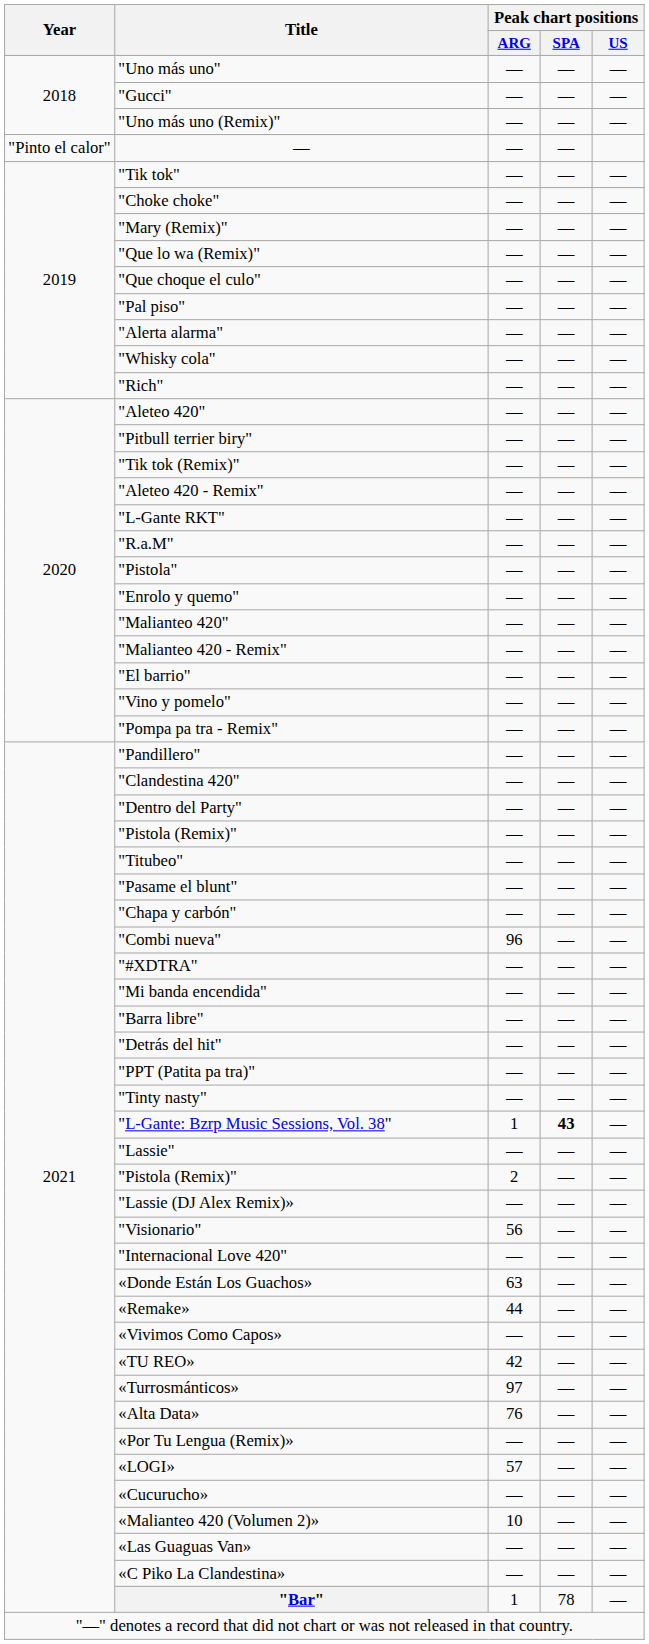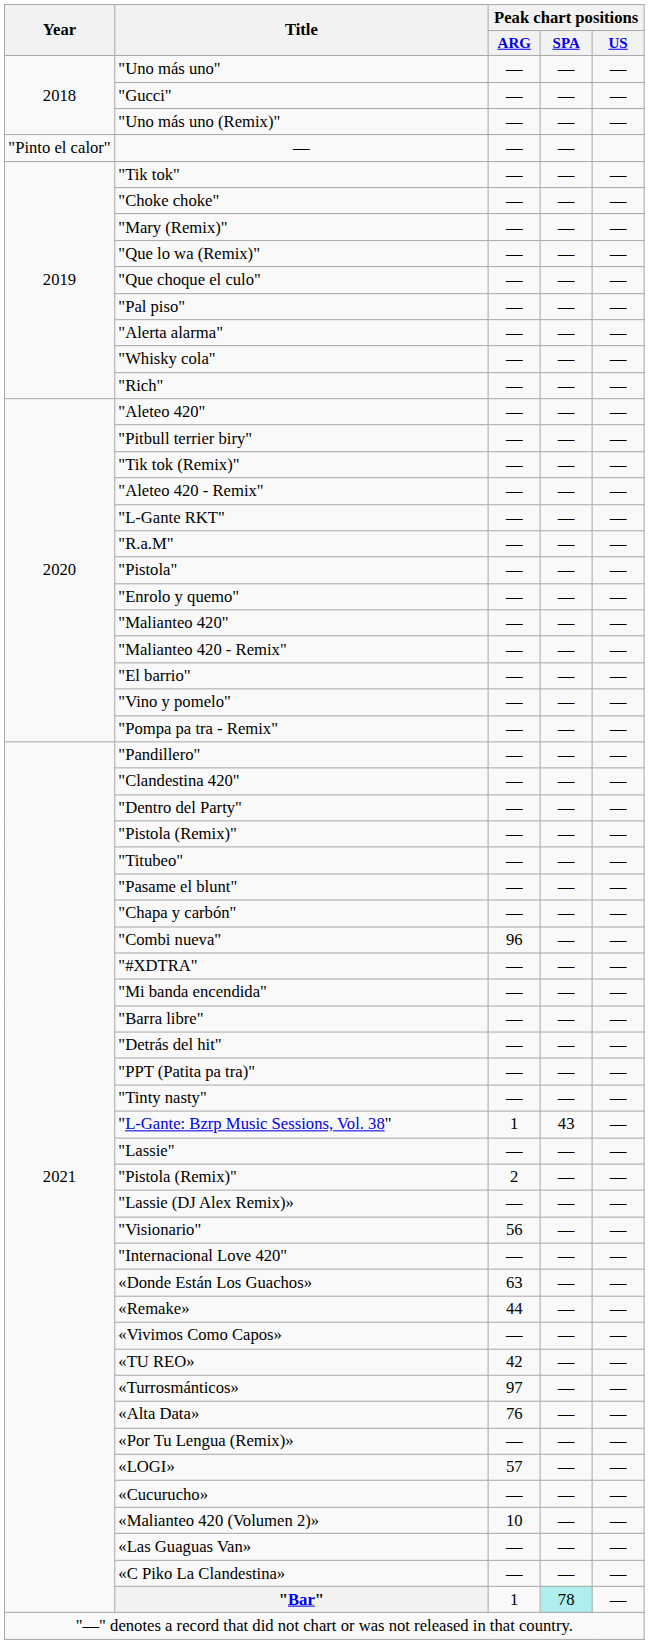 <table class="wikitable plainrowheaders" style="text-align:center;">
 <tr>
 <th scope="col" rowspan="2">Year</th>
 <th scope="col" rowspan="2" style="width:22em;">Title</th>
 <th scope="col" colspan="3">Peak chart positions</th>
 </tr>
 <tr>
 <th scope="col" style="width:3em;font-size:90%;"><a href='#'>ARG</a><br></th>
 <th scope="col" style="width:3em;font-size:90%;"><a href='#'>SPA</a><br></th>
 <th scope="col" style="width:3em;font-size:90%;"><a href='#'>US</a><br></th>
 </tr>
 <tr>
 <td rowspan="4">2018</td>
 <td align="left">"Uno más uno"</td>
 <td>—</td>
 <td>—</td>
 <td>—</td>
 </tr>
 <tr>
 <td align="left">"Gucci"<br></td>
 <td>—</td>
 <td>—</td>
 <td>—</td>
 </tr>
 <tr>
 <td align="left">"Uno más uno (Remix)"<br></td>
 <td>—</td>
 <td>—</td>
 <td>—</td>
 </tr>
 <tr>
 </tr>
 <tr>
 <td align="left">"Pinto el calor"<br></td>
 <td>—</td>
 <td>—</td>
 <td>—</td>
 </tr>
 <tr>
 <td rowspan="9">2019</td>
 <td align="left">"Tik tok"<br></td>
 <td>—</td>
 <td>—</td>
 <td>—</td>
 </tr>
 <tr>
 <td align="left">"Choke choke"<br></td>
 <td>—</td>
 <td>—</td>
 <td>—</td>
 </tr>
 <tr>
 <td align="left">"Mary (Remix)"<br></td>
 <td>—</td>
 <td>—</td>
 <td>—</td>
 </tr>
 <tr>
 <td align="left">"Que lo wa (Remix)"<br></td>
 <td>—</td>
 <td>—</td>
 <td>—</td>
 </tr>
 <tr>
 <td align="left">"Que choque el culo"<br></td>
 <td>—</td>
 <td>—</td>
 <td>—</td>
 </tr>
 <tr>
 <td align="left">"Pal piso"<br></td>
 <td>—</td>
 <td>—</td>
 <td>—</td>
 </tr>
 <tr>
 <td align="left">"Alerta alarma"<br></td>
 <td>—</td>
 <td>—</td>
 <td>—</td>
 </tr>
 <tr>
 <td align="left">"Whisky cola"<br></td>
 <td>—</td>
 <td>—</td>
 <td>—</td>
 </tr>
 <tr>
 <td align="left">"Rich"<br></td>
 <td>—</td>
 <td>—</td>
 <td>—</td>
 </tr>
 <tr>
 <td rowspan="13">2020</td>
 <td align="left">"Aleteo 420"<br></td>
 <td>—</td>
 <td>—</td>
 <td>—</td>
 </tr>
 <tr>
 <td align="left">"Pitbull terrier biry"<br></td>
 <td>—</td>
 <td>—</td>
 <td>—</td>
 </tr>
 <tr>
 <td align="left">"Tik tok (Remix)"<br></td>
 <td>—</td>
 <td>—</td>
 <td>—</td>
 </tr>
 <tr>
 <td align="left">"Aleteo 420 - Remix"<br></td>
 <td>—</td>
 <td>—</td>
 <td>—</td>
 </tr>
 <tr>
 <td align="left">"L-Gante RKT"<br></td>
 <td>—</td>
 <td>—</td>
 <td>—</td>
 </tr>
 <tr>
 <td align="left">"R.a.M"<br></td>
 <td>—</td>
 <td>—</td>
 <td>—</td>
 </tr>
 <tr>
 <td align="left">"Pistola"<br></td>
 <td>—</td>
 <td>—</td>
 <td>—</td>
 </tr>
 <tr>
 <td align="left">"Enrolo y quemo"<br></td>
 <td>—</td>
 <td>—</td>
 <td>—</td>
 </tr>
 <tr>
 <td align="left">"Malianteo 420"<br></td>
 <td>—</td>
 <td>—</td>
 <td>—</td>
 </tr>
 <tr>
 <td align="left">"Malianteo 420 - Remix"<br></td>
 <td>—</td>
 <td>—</td>
 <td>—</td>
 </tr>
 <tr>
 <td align="left">"El barrio"<br></td>
 <td>—</td>
 <td>—</td>
 <td>—</td>
 </tr>
 <tr>
 <td align="left">"Vino y pomelo"<br></td>
 <td>—</td>
 <td>—</td>
 <td>—</td>
 </tr>
 <tr>
 <td align="left">"Pompa pa tra - Remix"<br></td>
 <td>—</td>
 <td>—</td>
 <td>—</td>
 </tr>
 <tr>
 <td rowspan="33">2021</td>
 <td align="left">"Pandillero"<br></td>
 <td>—</td>
 <td>—</td>
 <td>—</td>
 </tr>
 <tr>
 <td align="left">"Clandestina 420"<br></td>
 <td>—</td>
 <td>—</td>
 <td>—</td>
 </tr>
 <tr>
 <td align="left">"Dentro del Party"<br></td>
 <td>—</td>
 <td>—</td>
 <td>—</td>
 </tr>
 <tr>
 <td align="left">"Pistola (Remix)"<br></td>
 <td>—</td>
 <td>—</td>
 <td>—</td>
 </tr>
 <tr>
 <td align="left">"Titubeo"<br></td>
 <td>—</td>
 <td>—</td>
 <td>—</td>
 </tr>
 <tr>
 <td align="left">"Pasame el blunt"<br></td>
 <td>—</td>
 <td>—</td>
 <td>—</td>
 </tr>
 <tr>
 <td align="left">"Chapa y carbón"<br></td>
 <td>—</td>
 <td>—</td>
 <td>—</td>
 </tr>
 <tr>
 <td align="left">"Combi nueva"<br></td>
 <td>96</td>
 <td>—</td>
 <td>—</td>
 </tr>
 <tr>
 <td align="left">"#XDTRA"<br></td>
 <td>—</td>
 <td>—</td>
 <td>—</td>
 </tr>
 <tr>
 <td align="left">"Mi banda encendida"<br></td>
 <td>—</td>
 <td>—</td>
 <td>—</td>
 </tr>
 <tr>
 <td align="left">"Barra libre"<br></td>
 <td>—</td>
 <td>—</td>
 <td>—</td>
 </tr>
 <tr>
 <td align="left">"Detrás del hit"<br></td>
 <td>—</td>
 <td>—</td>
 <td>—</td>
 </tr>
 <tr>
 <td align="left">"PPT (Patita pa tra)"<br></td>
 <td>—</td>
 <td>—</td>
 <td>—</td>
 </tr>
 <tr>
 <td align="left">"Tinty nasty"<br></td>
 <td>—</td>
 <td>—</td>
 <td>—</td>
 </tr>
 <tr>
 <td align="left">"<a href='#'>L-Gante: Bzrp Music Sessions, Vol. 38</a>"<br></td>
 <td>1</td>
-<td><strong>43</strong></td>
+<td>43</td>
 <td>—</td>
 </tr>
 <tr>
 <td align="left">"Lassie"<br></td>
 <td>—</td>
 <td>—</td>
 <td>—</td>
 </tr>
 <tr>
 <td align="left">"Pistola (Remix)"<br></td>
 <td>2</td>
 <td>—</td>
 <td>—</td>
 </tr>
 <tr>
 <td align="left">"Lassie (DJ Alex Remix)»<br></td>
 <td>—</td>
 <td>—</td>
 <td>—</td>
 </tr>
 <tr>
 <td align="left">"Visionario"<br></td>
 <td>56</td>
 <td>—</td>
 <td>—</td>
 </tr>
 <tr>
 <td align="left">"Internacional Love 420"<br></td>
 <td>—</td>
 <td>—</td>
 <td>—</td>
 </tr>
 <tr>
 <td align="left">«Donde Están Los Guachos»<br></td>
 <td>63</td>
 <td>—</td>
 <td>—</td>
 </tr>
 <tr>
 <td align="left">«Remake»<br></td>
 <td>44</td>
 <td>—</td>
 <td>—</td>
 </tr>
 <tr>
 <td align="left">«Vivimos Como Capos»<br></td>
 <td>—</td>
 <td>—</td>
 <td>—</td>
 </tr>
 <tr>
 <td align="left">«TU REO»<br></td>
 <td>42</td>
 <td>—</td>
 <td>—</td>
 </tr>
 <tr>
 <td align="left">«Turrosmánticos»<br></td>
 <td>97</td>
 <td>—</td>
 <td>—</td>
 </tr>
 <tr>
 <td align="left">«Alta Data»<br></td>
 <td>76</td>
 <td>—</td>
 <td>—</td>
 </tr>
 <tr>
 <td align="left">«Por Tu Lengua (Remix)»<br></td>
 <td>—</td>
 <td>—</td>
 <td>—</td>
 </tr>
 <tr>
 <td align="left">«LOGI»<br></td>
 <td>57</td>
 <td>—</td>
 <td>—</td>
 </tr>
 <tr>
 <td align="left">«Cucurucho»<br></td>
 <td>—</td>
 <td>—</td>
 <td>—</td>
 </tr>
 <tr>
 <td align="left">«Malianteo 420 (Volumen 2)»<br></td>
 <td>10</td>
 <td>—</td>
 <td>—</td>
 </tr>
 <tr>
 <td align="left">«Las Guaguas Van»<br></td>
 <td>—</td>
 <td>—</td>
 <td>—</td>
 </tr>
 <tr>
 <td align="left">«C Piko La Clandestina»<br></td>
 <td>—</td>
 <td>—</td>
 <td>—</td>
 </tr>
 <tr>
 <th scope="row">"<a href='#'>Bar</a>"<br></th>
 <td>1</td>
-<td>78<br></td>
+<td style="background: paleturquoise;">78<br></td>
 <td>—</td>
 </tr>
 <tr>
 <td colspan="5" style="text-align:center;">"—" denotes a record that did not chart or was not released in that country.</td>
 </tr>
 </table>
